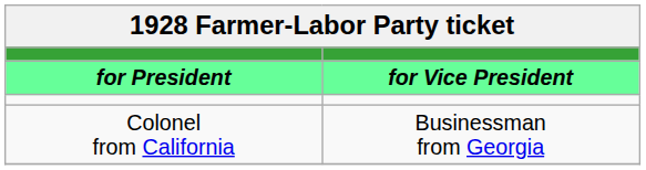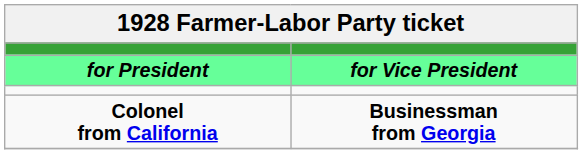 <table class="wikitable" style="font-size:90%; text-align:center;">
 <tr>
 <td style="background:#f1f1f1;" colspan="30"><big><strong>1928 Farmer-Labor Party ticket</strong></big></td>
 </tr>
 <tr>
 <th style="width:3em; font-size:135%; background:#36a236; width:200px;"><a href='#'></a></th>
 <th style="width:3em; font-size:135%; background:#36a236; width:200px;"><a href='#'></a></th>
 </tr>
 <tr style="color:#000; font-size:100%; background:#66FF99;">
 <td style="width:3em; width:200px;"><strong><em>for President</em></strong></td>
 <td style="width:3em; width:200px;"><strong><em>for Vice President</em></strong></td>
 </tr>
 <tr>
 <td></td>
 </tr>
 <tr>
-<td>Colonel<br>from <a href='#'>California</a></td>
-<td>Businessman<br>from <a href='#'>Georgia</a></td>
+<td><strong>Colonel<br>from <a href='#'>California</a></strong></td>
+<td><strong>Businessman<br>from <a href='#'>Georgia</a></strong></td>
 </tr>
 <tr>
 </tr>
 <tr>
 </tr>
 </table>
